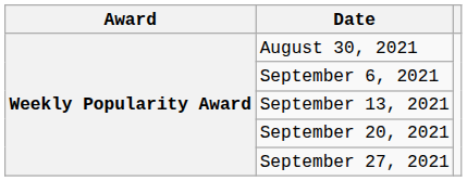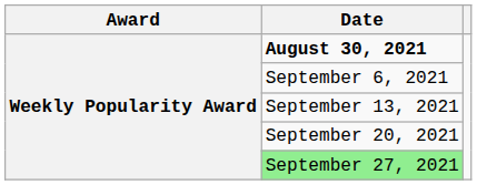 <table class="wikitable sortable plainrowheaders">
 <tr>
 <th scope="col" class="unsortable">Award</th>
 <th scope="col">Date</th>
 <th scope="col" class="unsortable"></th>
 </tr>
 <tr>
 <th scope="row" rowspan="5">Weekly Popularity Award</th>
-<td>August 30, 2021</td>
+<td><strong>August 30, 2021</strong></td>
 <td rowspan="5" style="text-align:center"></td>
 </tr>
 <tr>
 <td>September 6, 2021</td>
 </tr>
 <tr>
 <td>September 13, 2021</td>
 </tr>
 <tr>
 <td>September 20, 2021</td>
 </tr>
 <tr>
-<td>September 27, 2021</td>
+<td style="background: lightgreen;">September 27, 2021</td>
 </tr>
 </table>
